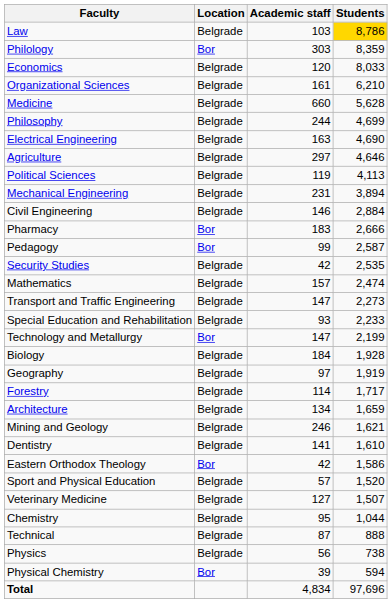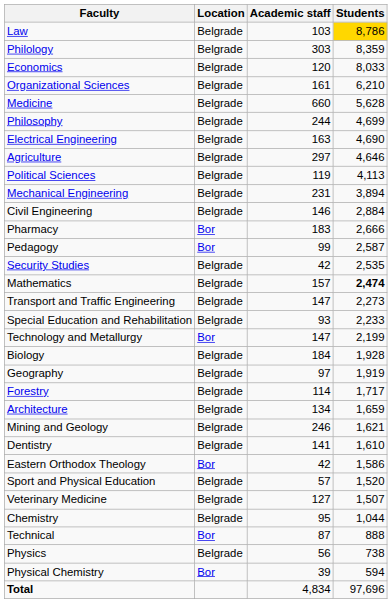 <table class="wikitable sortable">
 <tr>
 <th>Faculty</th>
 <th>Location</th>
 <th>Academic staff</th>
 <th>Students</th>
 </tr>
 <tr>
 <td><a href='#'>Law</a></td>
 <td>Belgrade</td>
 <td style="text-align:right">103</td>
 <td style="background: gold; text-align:right">8,786</td>
 </tr>
 <tr>
 <td><a href='#'>Philology</a></td>
-<td><a href='#'>Bor</a></td>
+<td>Belgrade</td>
 <td style="text-align:right">303</td>
 <td style="text-align:right">8,359</td>
 </tr>
 <tr>
 <td><a href='#'>Economics</a></td>
 <td>Belgrade</td>
 <td style="text-align:right">120</td>
 <td style="text-align:right">8,033</td>
 </tr>
 <tr>
 <td><a href='#'>Organizational Sciences</a></td>
 <td>Belgrade</td>
 <td style="text-align:right">161</td>
 <td style="text-align:right">6,210</td>
 </tr>
 <tr>
 <td><a href='#'>Medicine</a></td>
 <td>Belgrade</td>
 <td style="text-align:right">660</td>
 <td style="text-align:right">5,628</td>
 </tr>
 <tr>
 <td><a href='#'>Philosophy</a></td>
 <td>Belgrade</td>
 <td style="text-align:right">244</td>
 <td style="text-align:right">4,699</td>
 </tr>
 <tr>
 <td><a href='#'>Electrical Engineering</a></td>
 <td>Belgrade</td>
 <td style="text-align:right">163</td>
 <td style="text-align:right">4,690</td>
 </tr>
 <tr>
 <td><a href='#'>Agriculture</a></td>
 <td>Belgrade</td>
 <td style="text-align:right">297</td>
 <td style="text-align:right">4,646</td>
 </tr>
 <tr>
 <td><a href='#'>Political Sciences</a></td>
 <td>Belgrade</td>
 <td style="text-align:right">119</td>
 <td style="text-align:right">4,113</td>
 </tr>
 <tr>
 <td><a href='#'>Mechanical Engineering</a></td>
 <td>Belgrade</td>
 <td style="text-align:right">231</td>
 <td style="text-align:right">3,894</td>
 </tr>
 <tr>
 <td>Civil Engineering</td>
 <td>Belgrade</td>
 <td style="text-align:right">146</td>
 <td style="text-align:right">2,884</td>
 </tr>
 <tr>
 <td>Pharmacy</td>
 <td><a href='#'>Bor</a></td>
 <td style="text-align:right">183</td>
 <td style="text-align:right">2,666</td>
 </tr>
 <tr>
 <td>Pedagogy</td>
 <td><a href='#'>Bor</a></td>
 <td style="text-align:right">99</td>
 <td style="text-align:right">2,587</td>
 </tr>
 <tr>
 <td><a href='#'>Security Studies</a></td>
 <td>Belgrade</td>
 <td style="text-align:right">42</td>
 <td style="text-align:right">2,535</td>
 </tr>
 <tr>
 <td>Mathematics</td>
 <td>Belgrade</td>
 <td style="text-align:right">157</td>
-<td style="text-align:right">2,474</td>
+<td style="text-align:right"><strong>2,474</strong></td>
 </tr>
 <tr>
 <td>Transport and Traffic Engineering</td>
 <td>Belgrade</td>
 <td style="text-align:right">147</td>
 <td style="text-align:right">2,273</td>
 </tr>
 <tr>
 <td>Special Education and Rehabilitation</td>
 <td>Belgrade</td>
 <td style="text-align:right">93</td>
 <td style="text-align:right">2,233</td>
 </tr>
 <tr>
 <td>Technology and Metallurgy</td>
 <td><a href='#'>Bor</a></td>
 <td style="text-align:right">147</td>
 <td style="text-align:right">2,199</td>
 </tr>
 <tr>
 <td>Biology</td>
 <td>Belgrade</td>
 <td style="text-align:right">184</td>
 <td style="text-align:right">1,928</td>
 </tr>
 <tr>
 <td>Geography</td>
 <td>Belgrade</td>
 <td style="text-align:right">97</td>
 <td style="text-align:right">1,919</td>
 </tr>
 <tr>
 <td><a href='#'>Forestry</a></td>
 <td>Belgrade</td>
 <td style="text-align:right">114</td>
 <td style="text-align:right">1,717</td>
 </tr>
 <tr>
 <td><a href='#'>Architecture</a></td>
 <td>Belgrade</td>
 <td style="text-align:right">134</td>
 <td style="text-align:right">1,659</td>
 </tr>
 <tr>
 <td>Mining and Geology</td>
 <td>Belgrade</td>
 <td style="text-align:right">246</td>
 <td style="text-align:right">1,621</td>
 </tr>
 <tr>
 <td>Dentistry</td>
 <td>Belgrade</td>
 <td style="text-align:right">141</td>
 <td style="text-align:right">1,610</td>
 </tr>
 <tr>
 <td>Eastern Orthodox Theology</td>
 <td><a href='#'>Bor</a></td>
 <td style="text-align:right">42</td>
 <td style="text-align:right">1,586</td>
 </tr>
 <tr>
 <td>Sport and Physical Education</td>
 <td>Belgrade</td>
 <td style="text-align:right">57</td>
 <td style="text-align:right">1,520</td>
 </tr>
 <tr>
 <td>Veterinary Medicine</td>
 <td>Belgrade</td>
 <td style="text-align:right">127</td>
 <td style="text-align:right">1,507</td>
 </tr>
 <tr>
 <td>Chemistry</td>
 <td>Belgrade</td>
 <td style="text-align:right">95</td>
 <td style="text-align:right">1,044</td>
 </tr>
 <tr>
 <td>Technical</td>
-<td>Belgrade</td>
+<td><a href='#'>Bor</a></td>
 <td style="text-align:right">87</td>
 <td style="text-align:right">888</td>
 </tr>
 <tr>
 <td>Physics</td>
 <td>Belgrade</td>
 <td style="text-align:right">56</td>
 <td style="text-align:right">738</td>
 </tr>
 <tr>
 <td>Physical Chemistry</td>
 <td><a href='#'>Bor</a></td>
 <td style="text-align:right">39</td>
 <td style="text-align:right">594</td>
 </tr>
 <tr class="sortbottom">
 <td><strong>Total</strong></td>
 <td></td>
 <td style="text-align:right">4,834</td>
 <td style="text-align:right">97,696</td>
 </tr>
 </table>
